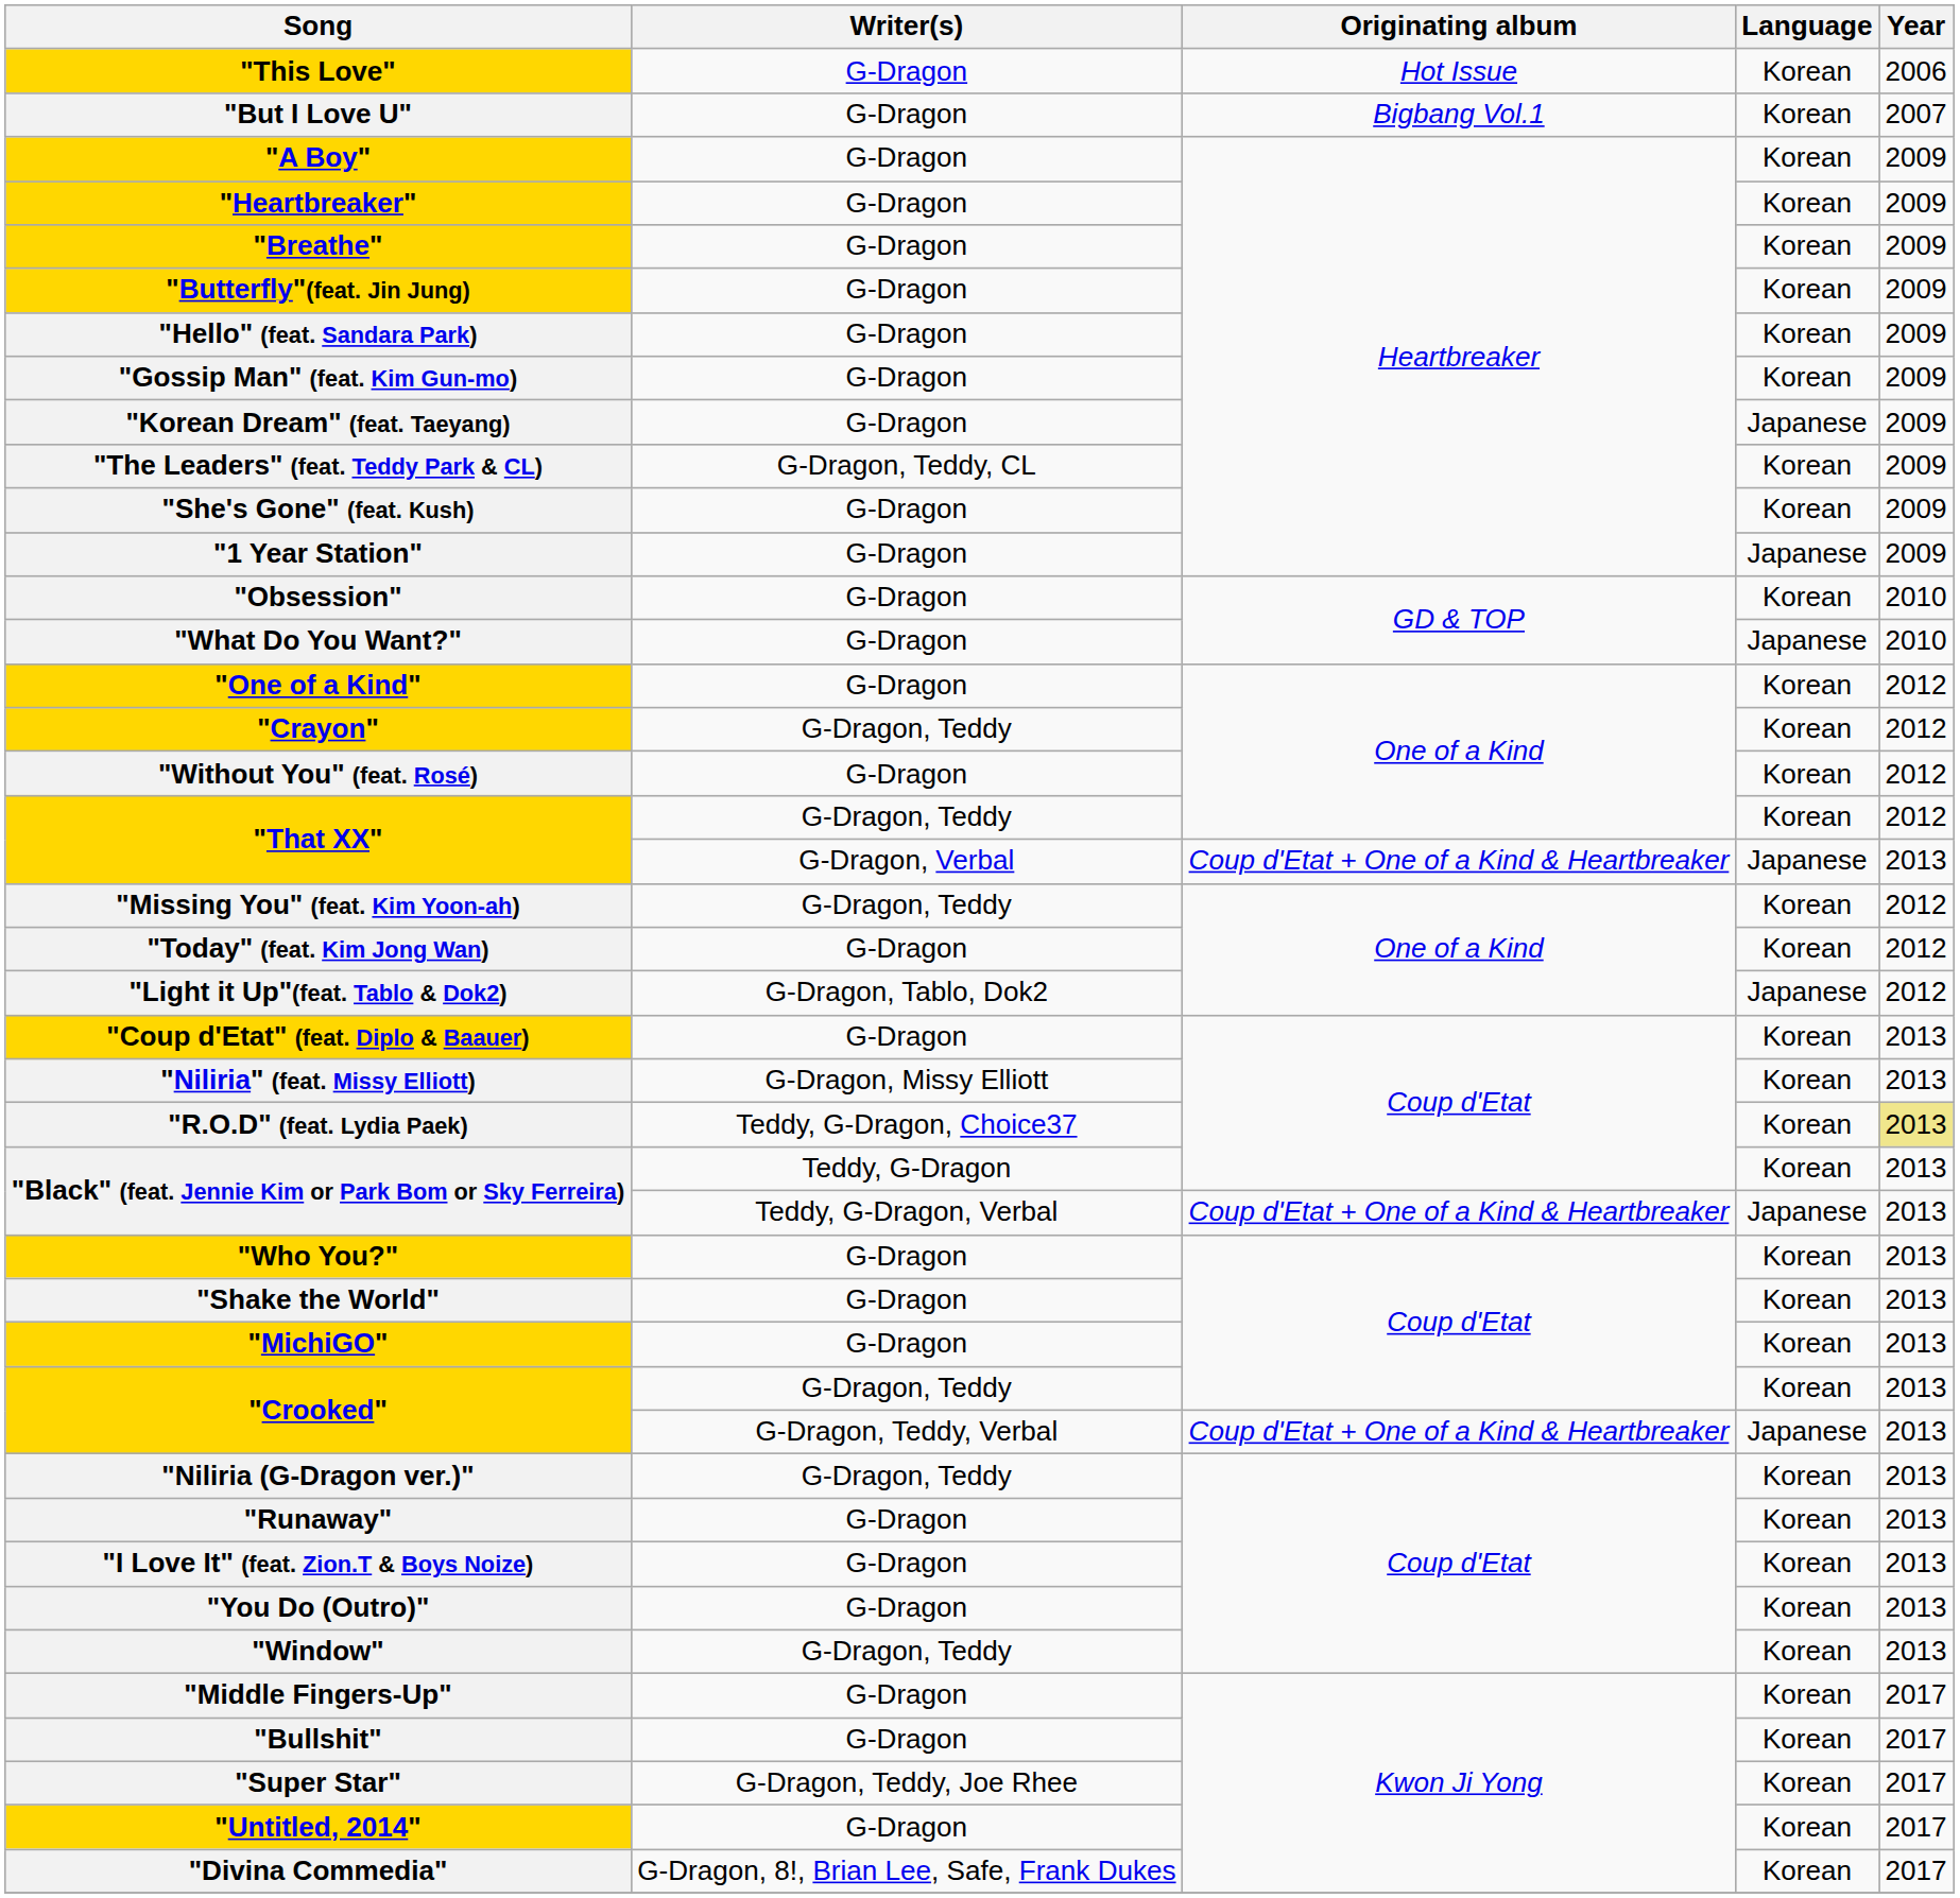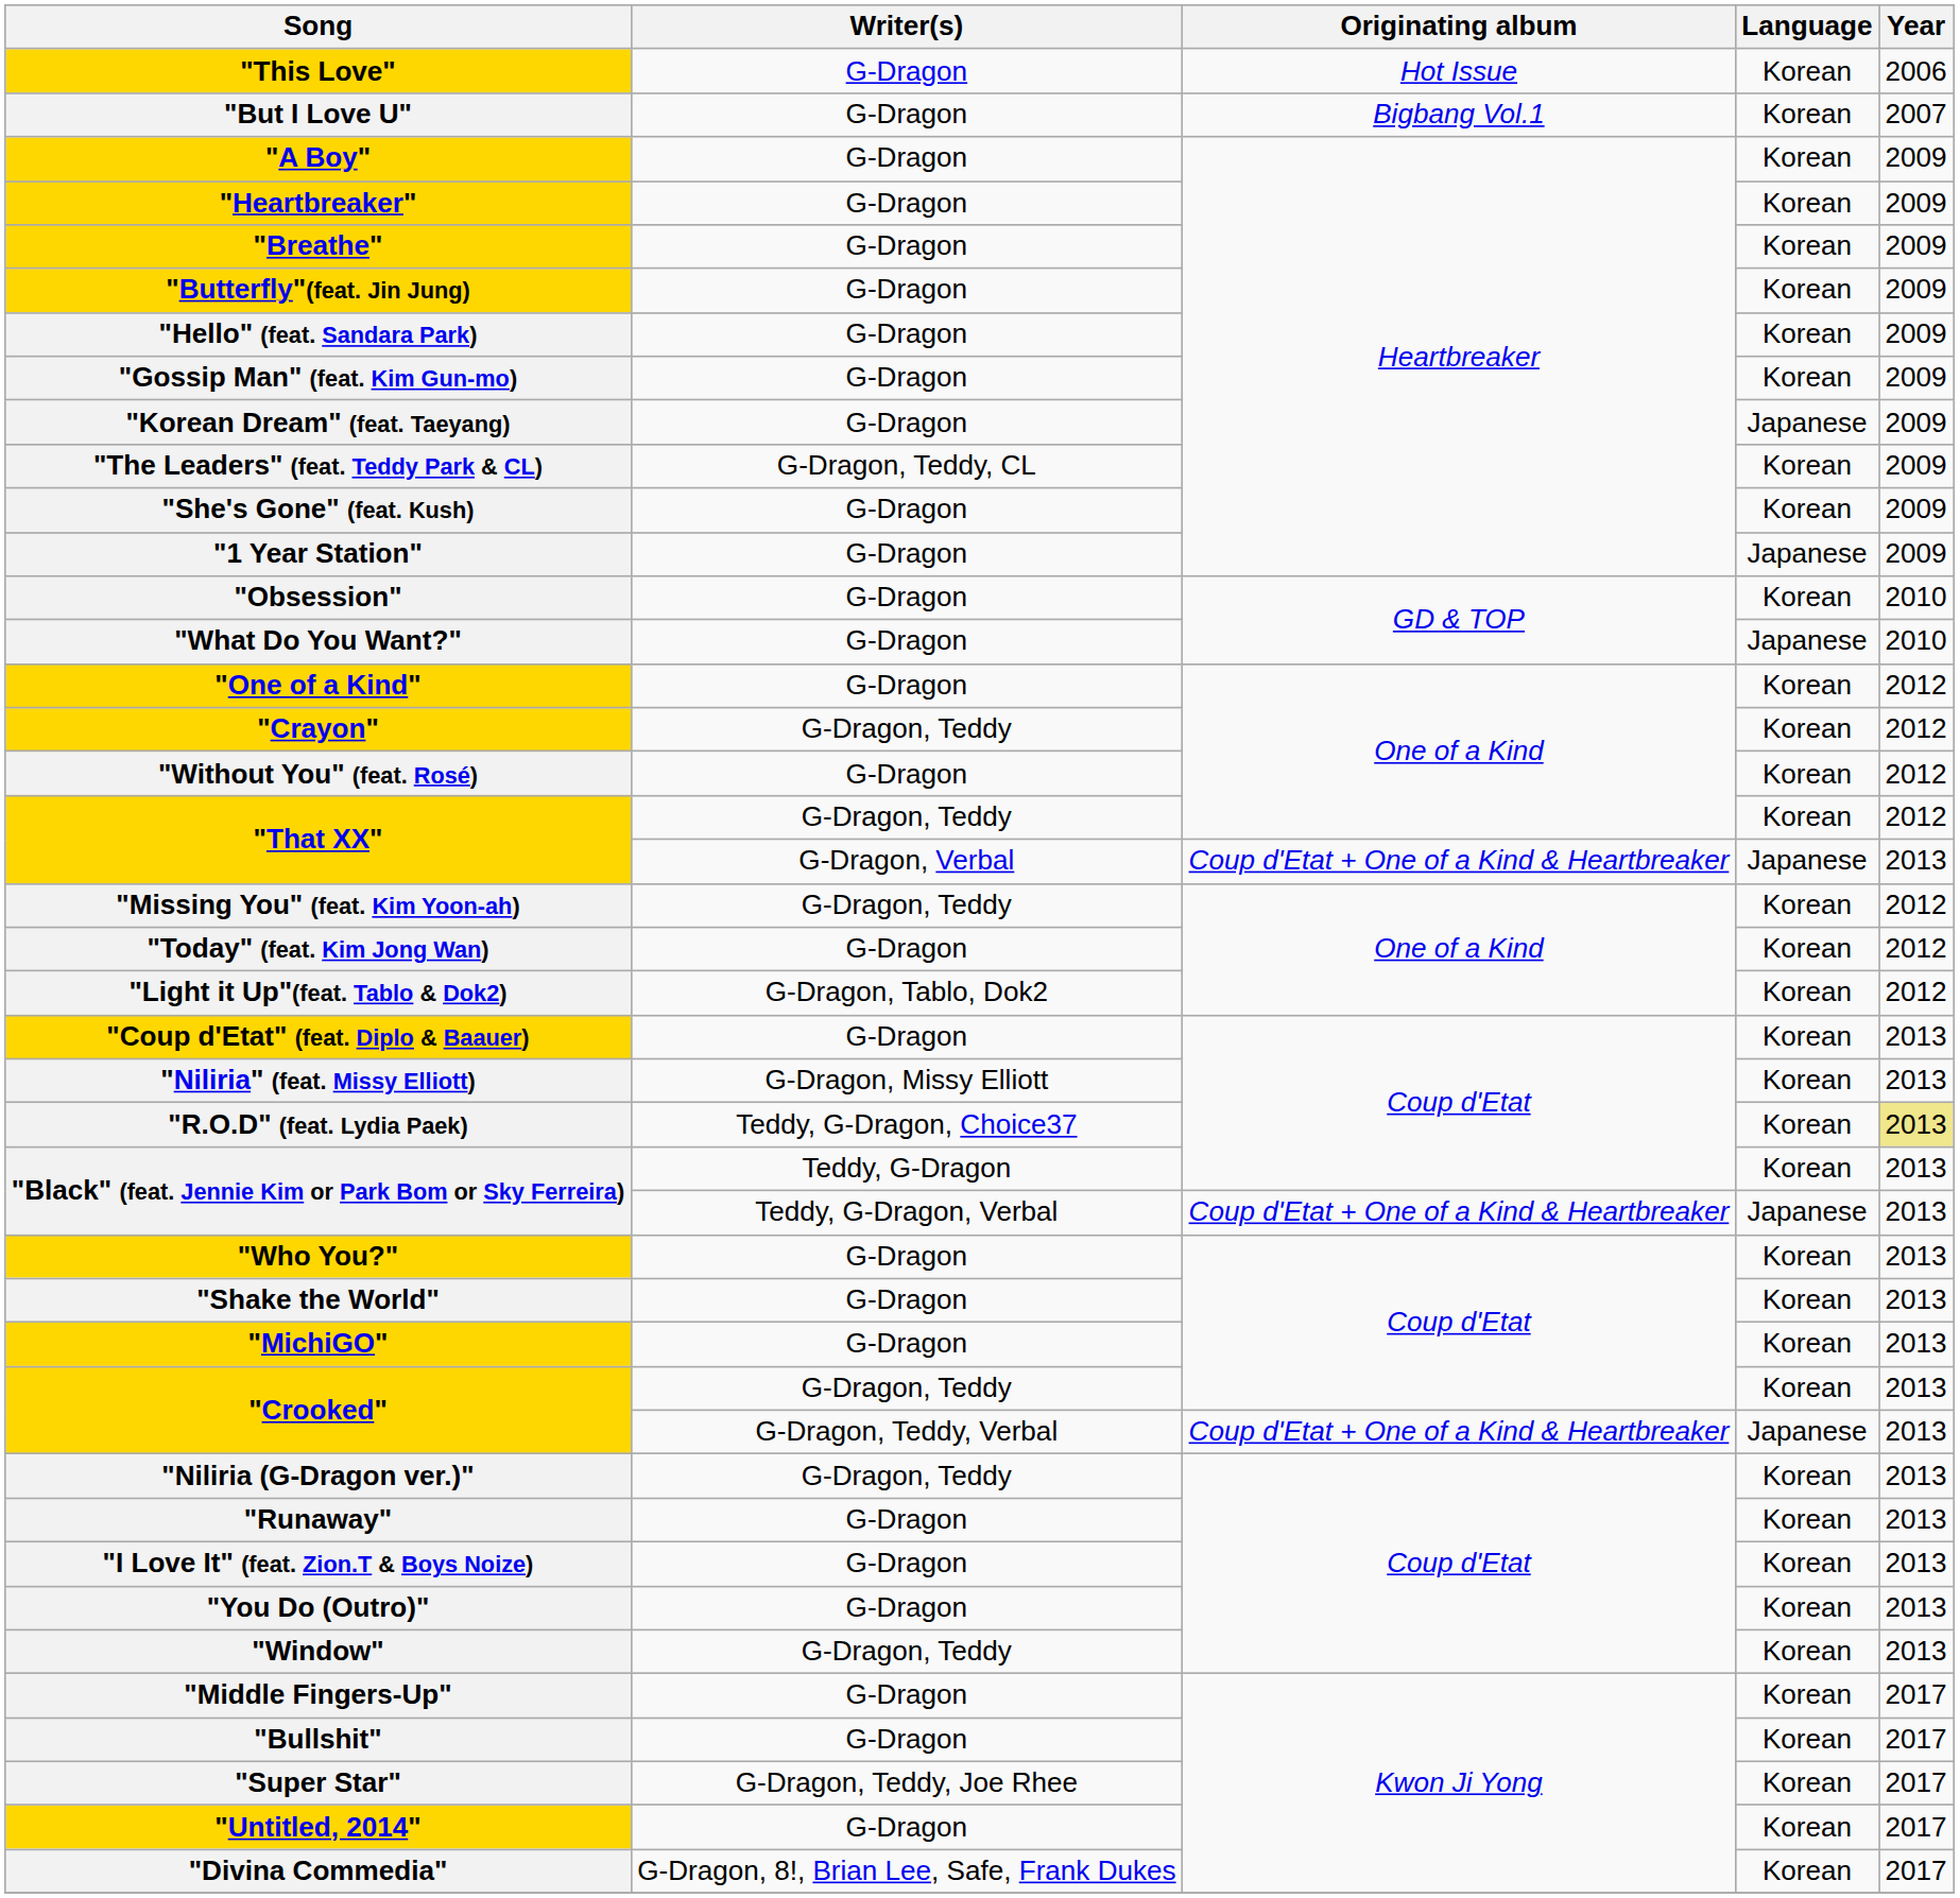 <table class="wikitable sortable plainrowheaders" style="text-align:center;">
 <tr>
 <th scope="col">Song</th>
 <th scope="col" class="unsortable">Writer(s)</th>
 <th scope="col">Originating album</th>
 <th scope="col">Language</th>
 <th scope="col">Year</th>
 </tr>
 <tr scope="col"| Black>
 <th scope=row style="background-color:gold">"This Love" </th>
 <td><a href='#'>G-Dragon</a></td>
 <td><em><a href='#'>Hot Issue</a></em></td>
 <td>Korean</td>
 <td>2006</td>
 </tr>
 <tr>
 <th scope="row">"But I Love U"</th>
 <td>G-Dragon</td>
 <td><em><a href='#'>Bigbang Vol.1</a></em></td>
 <td>Korean</td>
 <td>2007</td>
 </tr>
 <tr>
 <th scope=row style="background-color:gold">"<a href='#'>A Boy</a>" </th>
 <td>G-Dragon</td>
 <td rowspan="10"><em><a href='#'>Heartbreaker</a></em></td>
 <td>Korean</td>
 <td>2009</td>
 </tr>
 <tr>
 <th scope=row style="background-color:gold">"<a href='#'>Heartbreaker</a>" </th>
 <td>G-Dragon</td>
 <td>Korean</td>
 <td>2009</td>
 </tr>
 <tr>
 <th scope=row style="background-color:gold">"<a href='#'>Breathe</a>" </th>
 <td>G-Dragon</td>
 <td>Korean</td>
 <td>2009</td>
 </tr>
 <tr>
 <th scope=row style="background-color:gold">"<a href='#'>Butterfly</a>"<small>(feat. Jin Jung)</small> </th>
 <td>G-Dragon</td>
 <td>Korean</td>
 <td>2009</td>
 </tr>
 <tr>
 <th scope="row">"Hello" <small>(feat. <a href='#'>Sandara Park</a>)</small></th>
 <td>G-Dragon</td>
 <td>Korean</td>
 <td>2009</td>
 </tr>
 <tr>
 <th scope="row">"Gossip Man" <small>(feat. <a href='#'>Kim Gun-mo</a>)</small></th>
 <td>G-Dragon</td>
 <td>Korean</td>
 <td>2009</td>
 </tr>
 <tr>
 <th scope="row">"Korean Dream" <small>(feat. Taeyang)</small></th>
 <td>G-Dragon</td>
 <td>Japanese</td>
 <td>2009</td>
 </tr>
 <tr>
 <th scope="row">"The Leaders" <small>(feat. <a href='#'>Teddy Park</a> & <a href='#'>CL</a>)</small></th>
 <td>G-Dragon, Teddy, CL</td>
 <td>Korean</td>
 <td>2009</td>
 </tr>
 <tr>
 <th scope="row">"She's Gone" <small>(feat. Kush)</small></th>
 <td>G-Dragon</td>
 <td>Korean</td>
 <td>2009</td>
 </tr>
 <tr>
 <th scope="row">"1 Year Station"</th>
 <td>G-Dragon</td>
 <td>Japanese</td>
 <td>2009</td>
 </tr>
 <tr>
 <th scope="row">"Obsession"</th>
 <td>G-Dragon</td>
 <td rowspan="2"><em><a href='#'>GD & TOP</a></em></td>
 <td>Korean</td>
 <td>2010</td>
 </tr>
 <tr>
 <th scope="row">"What Do You Want?"</th>
 <td>G-Dragon</td>
 <td>Japanese</td>
 <td>2010</td>
 </tr>
 <tr>
 <th scope=row style="background-color:gold">"<a href='#'>One of a Kind</a>" </th>
 <td>G-Dragon</td>
 <td rowspan="4"><em><a href='#'>One of a Kind</a></em></td>
 <td>Korean</td>
 <td>2012</td>
 </tr>
 <tr>
 <th scope=row style="background-color:gold">"<a href='#'>Crayon</a>" </th>
 <td>G-Dragon, Teddy</td>
 <td>Korean</td>
 <td>2012</td>
 </tr>
 <tr>
 <th scope="row">"Without You" <small>(feat. <a href='#'>Rosé</a>)</small></th>
 <td>G-Dragon</td>
 <td>Korean</td>
 <td>2012</td>
 </tr>
 <tr>
 <th scope=row style="background-color:gold" rowspan="2">"<a href='#'>That XX</a>" </th>
 <td>G-Dragon, Teddy</td>
 <td>Korean</td>
 <td>2012</td>
 </tr>
 <tr>
 <td>G-Dragon, <a href='#'>Verbal</a></td>
 <td><em><a href='#'>Coup d'Etat + One of a Kind & Heartbreaker</a></em></td>
 <td>Japanese</td>
 <td>2013</td>
 </tr>
 <tr>
 <th scope="row">"Missing You" <small>(feat. <a href='#'>Kim Yoon-ah</a>)</small></th>
 <td>G-Dragon, Teddy</td>
 <td rowspan="3"><em><a href='#'>One of a Kind</a></em></td>
 <td>Korean</td>
 <td>2012</td>
 </tr>
 <tr>
 <th scope="row">"Today" <small>(feat. <a href='#'>Kim Jong Wan</a>)</small></th>
 <td>G-Dragon</td>
 <td>Korean</td>
 <td>2012</td>
 </tr>
 <tr>
 <th scope="row">"Light it Up"<small>(feat. <a href='#'>Tablo</a> & <a href='#'>Dok2</a>)</small></th>
 <td>G-Dragon, Tablo, Dok2</td>
-<td>Japanese</td>
+<td>Korean</td>
 <td>2012</td>
 </tr>
 <tr>
 <th scope=row style="background-color:gold">"Coup d'Etat" <small>(feat. <a href='#'>Diplo</a> & <a href='#'>Baauer</a>)</small> </th>
 <td>G-Dragon</td>
 <td rowspan="4"><em><a href='#'>Coup d'Etat</a></em></td>
 <td>Korean</td>
 <td>2013</td>
 </tr>
 <tr>
 <th scope="row">"<a href='#'>Niliria</a>" <small>(feat. <a href='#'>Missy Elliott</a>)</small></th>
 <td>G-Dragon, Missy Elliott</td>
 <td>Korean</td>
 <td>2013</td>
 </tr>
 <tr>
 <th scope="row">"R.O.D" <small>(feat. Lydia Paek)</small></th>
 <td>Teddy, G-Dragon, <a href='#'>Choice37</a></td>
 <td>Korean</td>
 <td style="background: khaki;">2013</td>
 </tr>
 <tr>
 <th scope="row" rowspan="2">"Black" <small>(feat. <a href='#'>Jennie Kim</a> or <a href='#'>Park Bom</a> or <a href='#'>Sky Ferreira</a>)</small></th>
 <td>Teddy, G-Dragon</td>
 <td>Korean</td>
 <td>2013</td>
 </tr>
 <tr>
 <td>Teddy, G-Dragon, Verbal</td>
 <td><em><a href='#'>Coup d'Etat + One of a Kind & Heartbreaker</a></em></td>
 <td>Japanese</td>
 <td>2013</td>
 </tr>
 <tr>
 <th scope=row style="background-color:gold">"Who You?" </th>
 <td>G-Dragon</td>
 <td rowspan="4"><em><a href='#'>Coup d'Etat</a></em></td>
 <td>Korean</td>
 <td>2013</td>
 </tr>
 <tr>
 <th scope="row">"Shake the World"</th>
 <td>G-Dragon</td>
 <td>Korean</td>
 <td>2013</td>
 </tr>
 <tr>
 <th scope=row style="background-color:gold">"<a href='#'>MichiGO</a>" </th>
 <td>G-Dragon</td>
 <td>Korean</td>
 <td>2013</td>
 </tr>
 <tr>
 <th scope=row style="background-color:gold" rowspan="2">"<a href='#'>Crooked</a>" </th>
 <td>G-Dragon, Teddy</td>
 <td>Korean</td>
 <td>2013</td>
 </tr>
 <tr>
 <td>G-Dragon, Teddy, Verbal</td>
 <td><em><a href='#'>Coup d'Etat + One of a Kind & Heartbreaker</a></em></td>
 <td>Japanese</td>
 <td>2013</td>
 </tr>
 <tr>
 <th scope="row">"Niliria (G-Dragon ver.)"</th>
 <td>G-Dragon, Teddy</td>
 <td rowspan="5"><em><a href='#'>Coup d'Etat</a></em></td>
 <td>Korean</td>
 <td>2013</td>
 </tr>
 <tr>
 <th scope="row">"Runaway"</th>
 <td>G-Dragon</td>
 <td>Korean</td>
 <td>2013</td>
 </tr>
 <tr>
 <th scope="row">"I Love It" <small>(feat. <a href='#'>Zion.T</a> & <a href='#'>Boys Noize</a>)</small></th>
 <td>G-Dragon</td>
 <td>Korean</td>
 <td>2013</td>
 </tr>
 <tr>
 <th scope="row">"You Do (Outro)"</th>
 <td>G-Dragon</td>
 <td>Korean</td>
 <td>2013</td>
 </tr>
 <tr>
 <th scope="row">"Window"</th>
 <td>G-Dragon, Teddy</td>
 <td>Korean</td>
 <td>2013</td>
 </tr>
 <tr>
 <th scope="row">"Middle Fingers-Up"</th>
 <td>G-Dragon</td>
 <td rowspan="5"><em><a href='#'>Kwon Ji Yong</a></em></td>
 <td>Korean</td>
 <td>2017</td>
 </tr>
 <tr>
 <th scope="row">"Bullshit"</th>
 <td>G-Dragon</td>
 <td>Korean</td>
 <td>2017</td>
 </tr>
 <tr>
 <th scope="row">"Super Star"</th>
 <td>G-Dragon, Teddy, Joe Rhee</td>
 <td>Korean</td>
 <td>2017</td>
 </tr>
 <tr>
 <th scope=row style="background-color:gold">"<a href='#'>Untitled, 2014</a>"</th>
 <td>G-Dragon</td>
 <td>Korean</td>
 <td>2017</td>
 </tr>
 <tr>
 <th scope="row">"Divina Commedia"</th>
 <td>G-Dragon, 8!, <a href='#'>Brian Lee</a>, Safe, <a href='#'>Frank Dukes</a></td>
 <td>Korean</td>
 <td>2017</td>
 </tr>
 <tr>
 </tr>
 </table>
